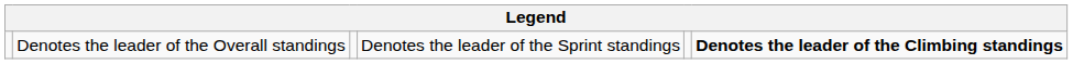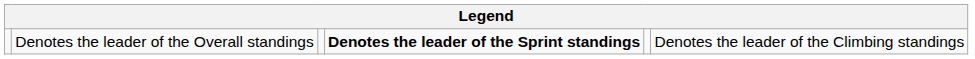 <table class="wikitable">
 <tr>
 <th colspan="6">Legend</th>
 </tr>
 <tr>
 <td></td>
 <td>Denotes the leader of the Overall standings</td>
 <td></td>
-<td>Denotes the leader of the Sprint standings</td>
+<td><strong>Denotes the leader of the Sprint standings</strong></td>
 <td></td>
-<td><strong>Denotes the leader of the Climbing standings</strong></td>
+<td>Denotes the leader of the Climbing standings</td>
 </tr>
 </table>
